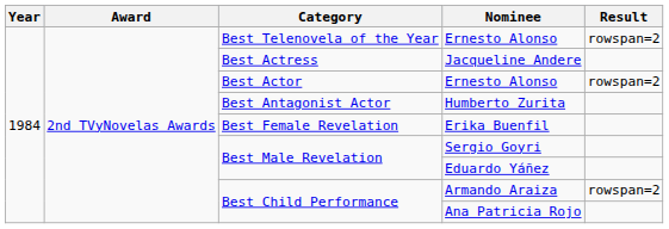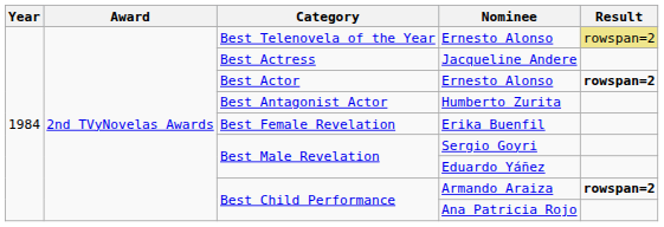 <table class="wikitable">
 <tr style="background:#b0c4de;">
 <th>Year</th>
 <th>Award</th>
 <th>Category</th>
 <th>Nominee</th>
 <th>Result</th>
 </tr>
 <tr>
 <td rowspan=9>1984</td>
 <td rowspan=9><a href='#'>2nd TVyNovelas Awards</a></td>
 <td><a href='#'>Best Telenovela of the Year</a></td>
 <td><a href='#'>Ernesto Alonso</a></td>
-<td>rowspan=2 </td>
+<td style="background: khaki;">rowspan=2 </td>
 </tr>
 <tr>
 <td><a href='#'>Best Actress</a></td>
 <td><a href='#'>Jacqueline Andere</a></td>
 </tr>
 <tr>
 <td><a href='#'>Best Actor</a></td>
 <td><a href='#'>Ernesto Alonso</a></td>
-<td>rowspan=2 </td>
+<td><strong>rowspan=2 </strong></td>
 </tr>
 <tr>
 <td><a href='#'>Best Antagonist Actor</a></td>
 <td><a href='#'>Humberto Zurita</a></td>
 </tr>
 <tr>
 <td><a href='#'>Best Female Revelation</a></td>
 <td><a href='#'>Erika Buenfil</a></td>
 <td></td>
 </tr>
 <tr>
 <td rowspan=2><a href='#'>Best Male Revelation</a></td>
 <td><a href='#'>Sergio Goyri</a></td>
 <td></td>
 </tr>
 <tr>
 <td><a href='#'>Eduardo Yáñez</a></td>
 <td></td>
 </tr>
 <tr>
 <td rowspan=2><a href='#'>Best Child Performance</a></td>
 <td><a href='#'>Armando Araiza</a></td>
-<td>rowspan=2 </td>
+<td><strong>rowspan=2 </strong></td>
 </tr>
 <tr>
 <td><a href='#'>Ana Patricia Rojo</a></td>
 </tr>
 </table>
